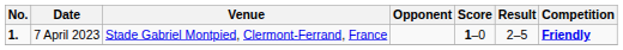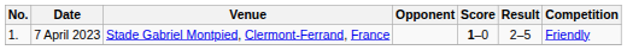 <table class="wikitable">
 <tr>
 <th>No.</th>
 <th>Date</th>
 <th>Venue</th>
 <th>Opponent</th>
 <th>Score</th>
 <th>Result</th>
 <th>Competition</th>
 </tr>
 <tr>
-<td><strong>1.</strong></td>
+<td>1.</td>
 <td>7 April 2023</td>
 <td><a href='#'>Stade Gabriel Montpied</a>, <a href='#'>Clermont-Ferrand</a>, <a href='#'>France</a></td>
 <td></td>
 <td align=center><strong>1</strong>–0</td>
 <td align=center>2–5</td>
-<td><strong><a href='#'>Friendly</a></strong></td>
+<td><a href='#'>Friendly</a></td>
 </tr>
 <tr>
 </tr>
 </table>
